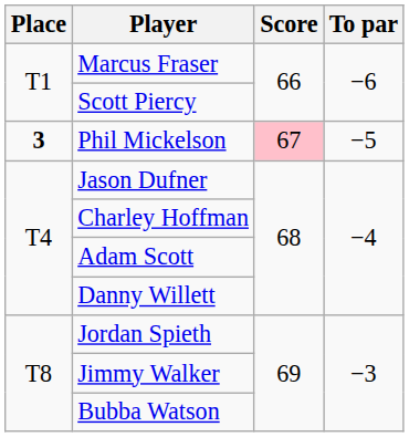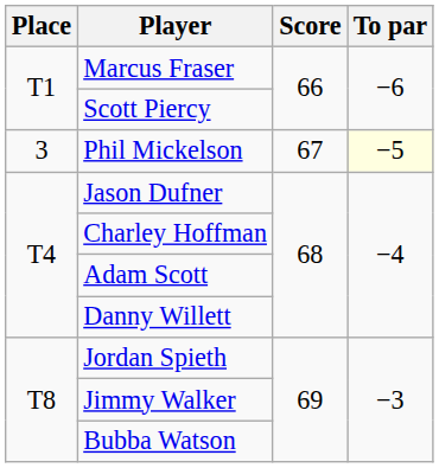 <table class="wikitable">
 <tr>
 <th>Place</th>
 <th>Player</th>
 <th>Score</th>
 <th>To par</th>
 </tr>
 <tr>
 <td align=center rowspan=2>T1</td>
 <td> <a href='#'>Marcus Fraser</a></td>
 <td align=center rowspan=2>66</td>
 <td align=center rowspan=2>−6</td>
 </tr>
 <tr>
 <td> <a href='#'>Scott Piercy</a></td>
 </tr>
 <tr>
-<td align=center><strong>3</strong></td>
+<td align=center>3</td>
 <td> <a href='#'>Phil Mickelson</a></td>
-<td align=center style="background: pink;">67</td>
-<td align=center>−5</td>
+<td align=center>67</td>
+<td align=center style="background: lightyellow;">−5</td>
 </tr>
 <tr>
 <td align=center rowspan=4>T4</td>
 <td> <a href='#'>Jason Dufner</a></td>
 <td align=center rowspan=4>68</td>
 <td align=center rowspan=4>−4</td>
 </tr>
 <tr>
 <td> <a href='#'>Charley Hoffman</a></td>
 </tr>
 <tr>
 <td> <a href='#'>Adam Scott</a></td>
 </tr>
 <tr>
 <td> <a href='#'>Danny Willett</a></td>
 </tr>
 <tr>
 <td align=center rowspan=3>T8</td>
 <td> <a href='#'>Jordan Spieth</a></td>
 <td align=center rowspan=3>69</td>
 <td align=center rowspan=3>−3</td>
 </tr>
 <tr>
 <td> <a href='#'>Jimmy Walker</a></td>
 </tr>
 <tr>
 <td> <a href='#'>Bubba Watson</a></td>
 </tr>
 </table>
